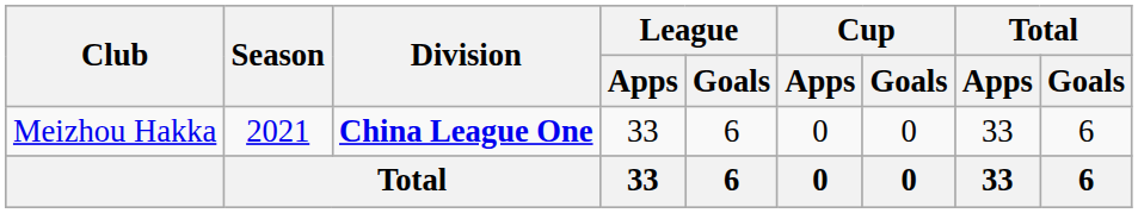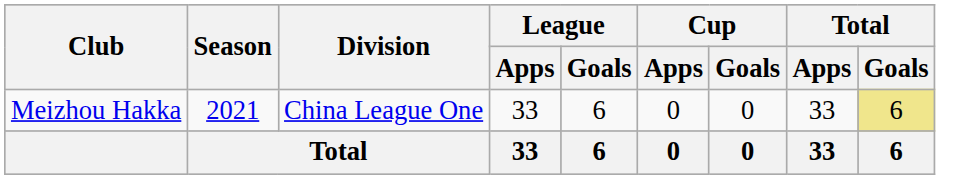 <table class="wikitable" style="text-align: center;">
 <tr>
 <th rowspan="2">Club</th>
 <th rowspan="2">Season</th>
 <th rowspan="2">Division</th>
 <th colspan="2">League</th>
 <th colspan="2">Cup</th>
 <th colspan="2">Total</th>
 </tr>
 <tr>
 <th>Apps</th>
 <th>Goals</th>
 <th>Apps</th>
 <th>Goals</th>
 <th>Apps</th>
 <th>Goals</th>
 </tr>
 <tr>
 <td><a href='#'>Meizhou Hakka</a></td>
 <td><a href='#'>2021</a></td>
-<td><strong><a href='#'>China League One</a></strong></td>
+<td><a href='#'>China League One</a></td>
 <td>33</td>
 <td>6</td>
 <td>0</td>
 <td>0</td>
 <td>33</td>
-<td>6</td>
+<td style="background: khaki;">6</td>
 </tr>
 <tr>
 <th></th>
 <th colspan="2">Total</th>
 <th>33</th>
 <th>6</th>
 <th>0</th>
 <th>0</th>
 <th>33</th>
 <th>6</th>
 </tr>
 </table>
